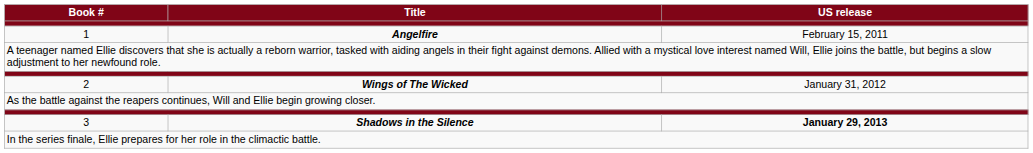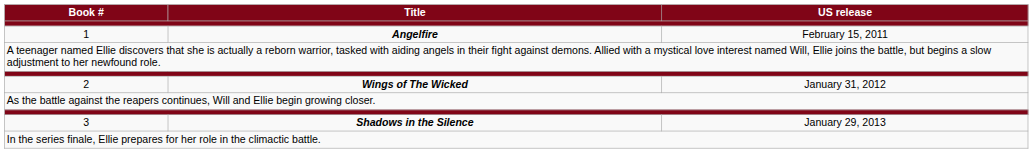 <table class="wikitable" style="width:98%; background-color:#FFFFF">
 <tr style="color:white">
 <th style="background-color: #800517;">Book #</th>
 <th style="background-color: #800517;">Title</th>
 <th style="background-color: #800517;">US release</th>
 </tr>
 <tr>
 <td colspan="6" bgcolor="#800517"></td>
 </tr>
 <tr>
 <td align="center">1</td>
 <td align="center"><strong><em>Angelfire</em></strong></td>
 <td align="center">February 15, 2011</td>
 </tr>
 <tr>
 <td colspan="6">A teenager named Ellie discovers that she is actually a reborn warrior, tasked with aiding angels in their fight against demons. Allied with a mystical love interest named Will, Ellie joins the battle, but begins a slow adjustment to her newfound role.</td>
 </tr>
 <tr>
 <td colspan="6" bgcolor="#800517"></td>
 </tr>
 <tr>
 <td align="center">2</td>
 <td align="center"><strong><em>Wings of The Wicked</em></strong></td>
 <td align="center">January 31, 2012</td>
 </tr>
 <tr>
 <td colspan="6">As the battle against the reapers continues, Will and Ellie begin growing closer.</td>
 </tr>
 <tr>
 <td colspan="6" bgcolor="#800517"></td>
 </tr>
 <tr>
 <td align="center">3</td>
 <td align="center"><strong><em>Shadows in the Silence</em></strong></td>
-<td align="center"><strong>January 29, 2013</strong></td>
+<td align="center">January 29, 2013</td>
 </tr>
 <tr>
 <td colspan="6">In the series finale, Ellie prepares for her role in the climactic battle.</td>
 </tr>
 </table>
